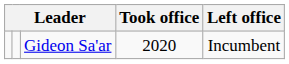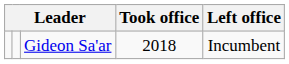 <table class="wikitable" style="text-align: center;">
 <tr>
 <th colspan="3">Leader</th>
 <th>Took office</th>
 <th>Left office</th>
 </tr>
 <tr>
 <td style="background: "></td>
 <td></td>
 <td><a href='#'>Gideon Sa'ar</a></td>
-<td>2020</td>
+<td>2018</td>
 <td>Incumbent</td>
 </tr>
 </table>
